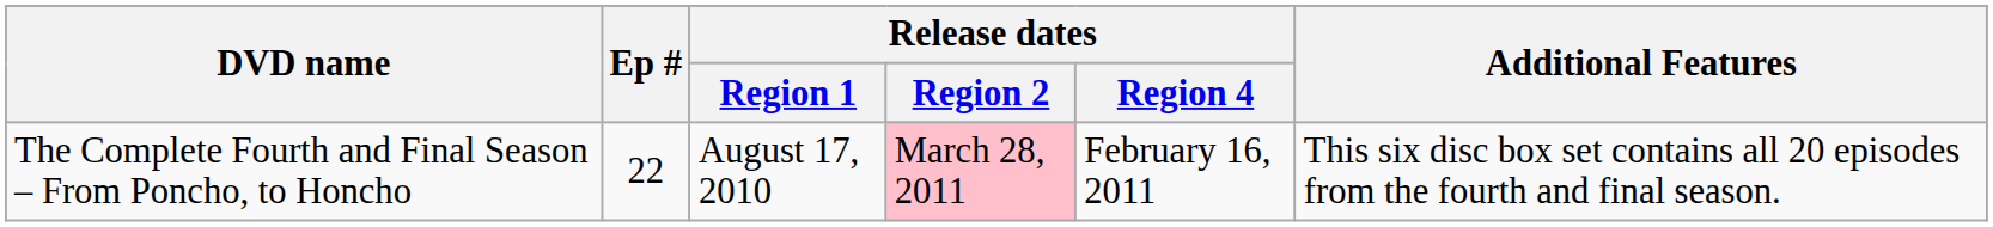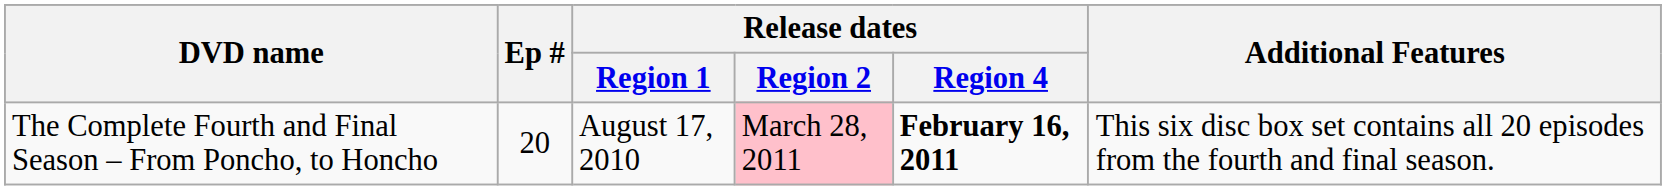 <table class="wikitable">
 <tr>
 <th rowspan="2">DVD name</th>
 <th rowspan="2">Ep #</th>
 <th colspan="3">Release dates</th>
 <th rowspan="2">Additional Features</th>
 </tr>
 <tr>
 <th><a href='#'>Region 1</a></th>
 <th><a href='#'>Region 2</a></th>
 <th><a href='#'>Region 4</a></th>
 </tr>
 <tr>
 <td>The Complete Fourth and Final Season – From Poncho, to Honcho</td>
-<td style="text-align:center;">22</td>
+<td style="text-align:center;">20</td>
 <td>August 17, 2010</td>
 <td style="background: pink;">March 28, 2011</td>
-<td>February 16, 2011</td>
+<td><strong>February 16, 2011</strong></td>
 <td>This six disc box set contains all 20 episodes from the fourth and final season.</td>
 </tr>
 </table>
